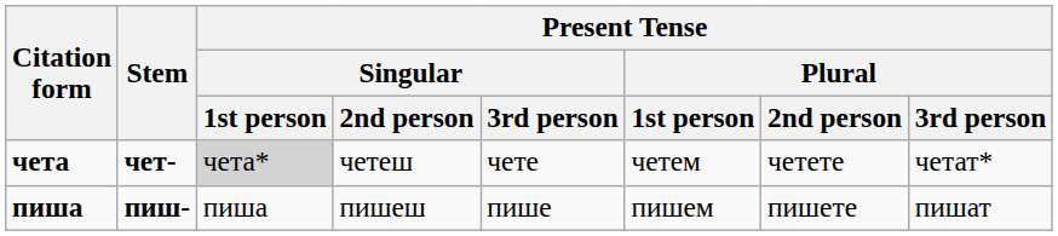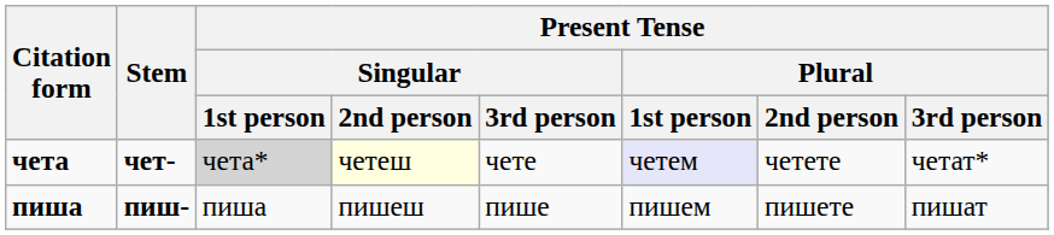 <table class="wikitable">
 <tr>
 <th rowspan="3">Citation<br>form</th>
 <th rowspan="3">Stem</th>
 <th colspan="6">Present Tense</th>
 </tr>
 <tr>
 <th colspan="3">Singular</th>
 <th colspan="3">Plural</th>
 </tr>
 <tr>
 <th><strong>1st person</strong></th>
 <th><strong>2nd person</strong></th>
 <th><strong>3rd person</strong></th>
 <th><strong>1st person</strong></th>
 <th><strong>2nd person</strong></th>
 <th><strong>3rd person</strong></th>
 </tr>
 <tr>
 <td><strong>чета</strong> <br></td>
 <td><strong>чет-</strong> <br></td>
 <td style="background: lightgrey;">чет<span>а</span>* <br></td>
-<td>чет<span>е</span><span>ш</span> <br></td>
+<td style="background: lightyellow;">чет<span>е</span><span>ш</span> <br></td>
 <td>чет<span>е</span> <br></td>
-<td>чет<span>е</span><span>м</span> <br></td>
+<td style="background: lavender;">чет<span>е</span><span>м</span> <br></td>
 <td>чет<span>е</span><span>те</span> <br></td>
 <td>чет<span>ат</span>* <br></td>
 </tr>
 <tr>
 <td><strong>пиша</strong> <br></td>
 <td><strong>пиш-</strong> <br></td>
 <td>пиш<span>а</span> <br></td>
 <td>пиш<span>е</span><span>ш</span> <br></td>
 <td>пиш<span>е</span> <br></td>
 <td>пиш<span>е</span><span>м</span> <br></td>
 <td>пиш<span>е</span><span>те</span> <br></td>
 <td>пиш<span>ат</span> <br></td>
 </tr>
 </table>
